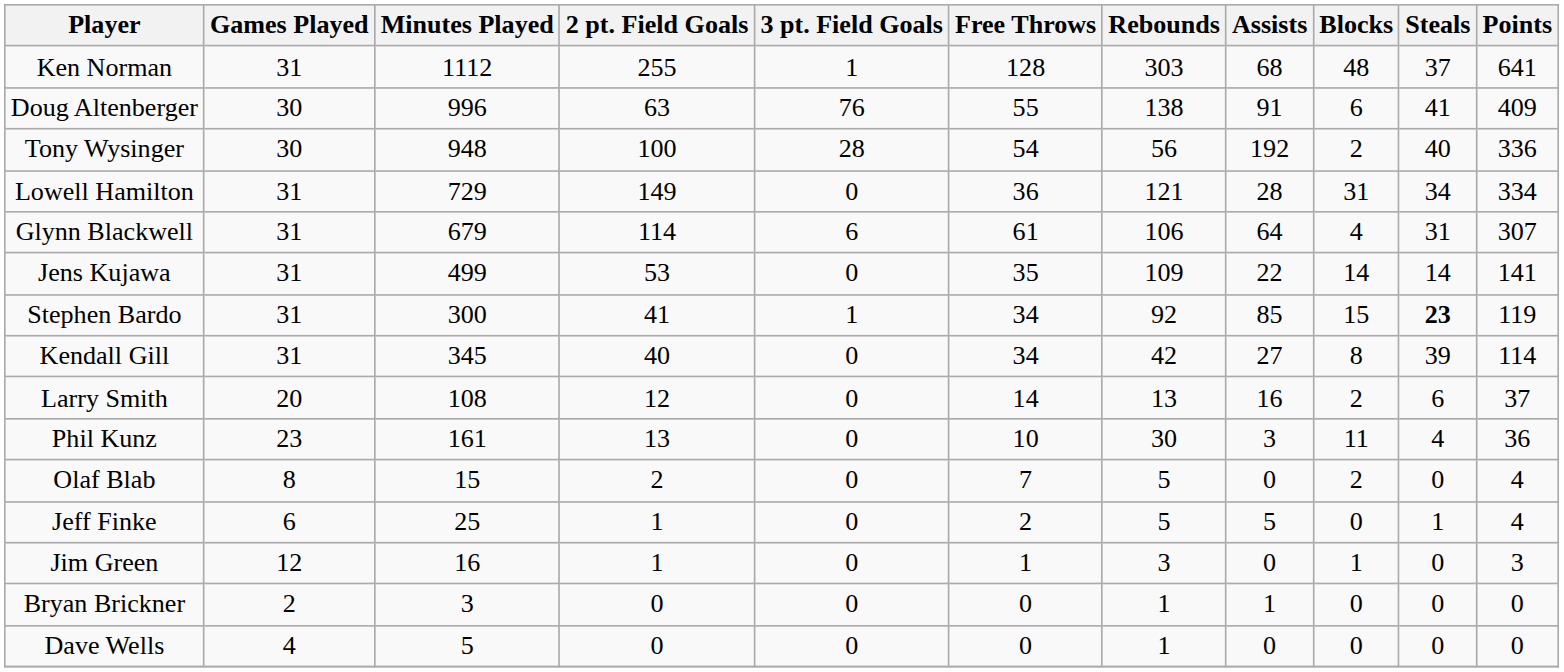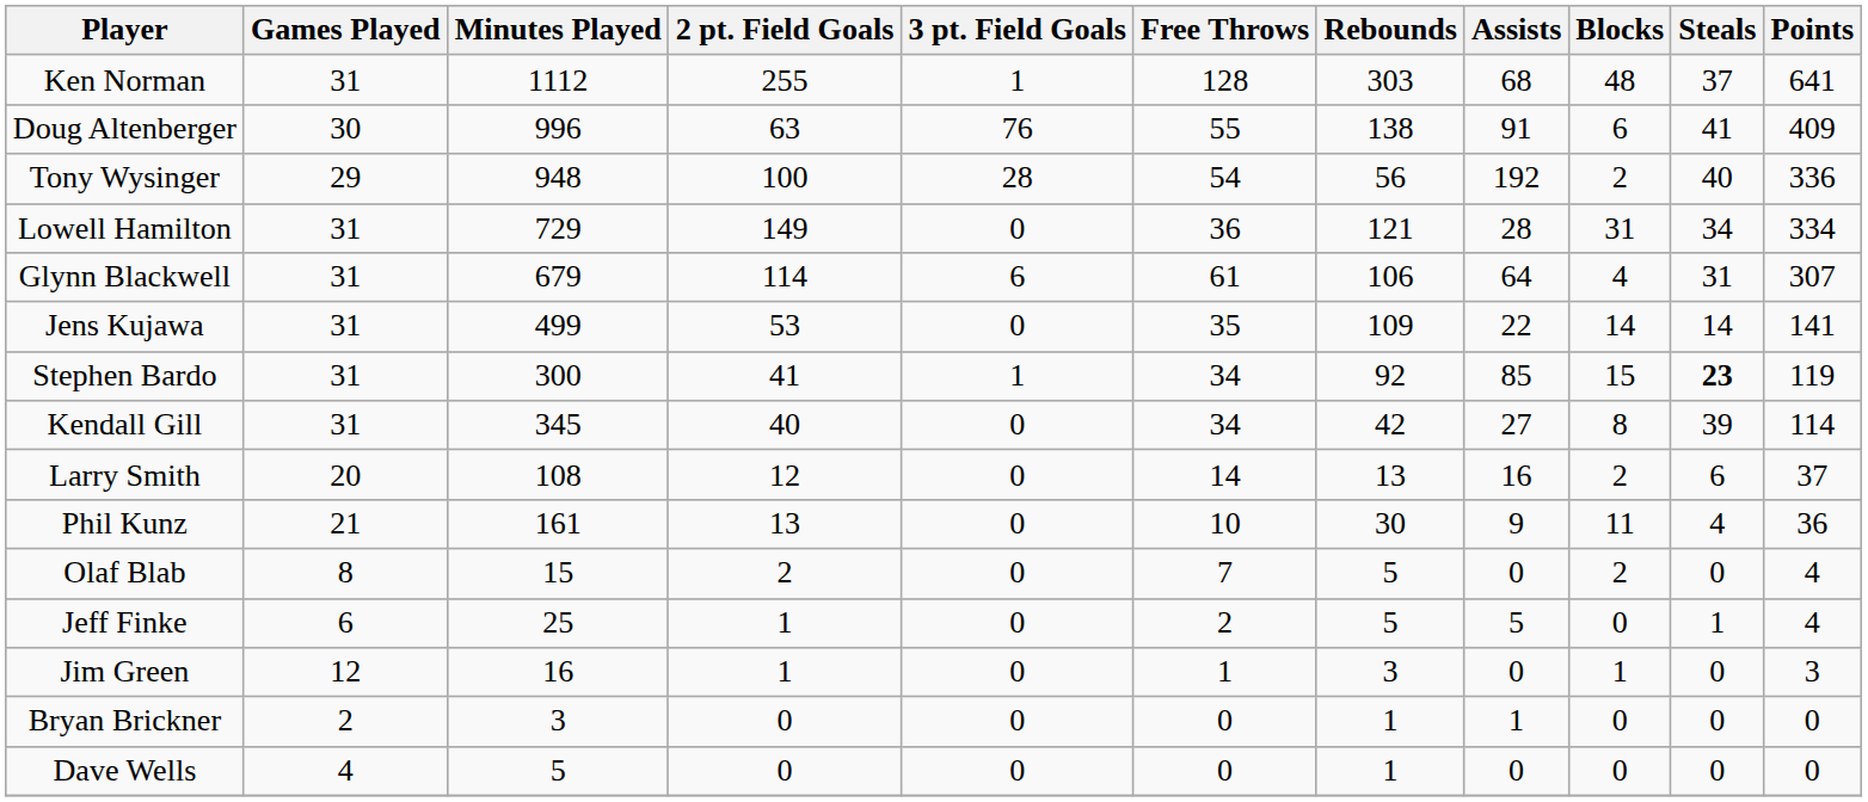 <table class="wikitable sortable" style="text-align:center">
 <tr>
 <th>Player</th>
 <th>Games Played</th>
 <th>Minutes Played</th>
 <th>2 pt. Field Goals</th>
 <th>3 pt. Field Goals</th>
 <th>Free Throws</th>
 <th>Rebounds</th>
 <th>Assists</th>
 <th>Blocks</th>
 <th>Steals</th>
 <th>Points</th>
 </tr>
 <tr align="center" bgcolor="">
 <td>Ken Norman</td>
 <td>31</td>
 <td>1112</td>
 <td>255</td>
 <td>1</td>
 <td>128</td>
 <td>303</td>
 <td>68</td>
 <td>48</td>
 <td>37</td>
 <td>641</td>
 </tr>
 <tr align="center" bgcolor="">
 <td>Doug Altenberger</td>
 <td>30</td>
 <td>996</td>
 <td>63</td>
 <td>76</td>
 <td>55</td>
 <td>138</td>
 <td>91</td>
 <td>6</td>
 <td>41</td>
 <td>409</td>
 </tr>
 <tr align="center" bgcolor="">
 <td>Tony Wysinger</td>
-<td>30</td>
+<td>29</td>
 <td>948</td>
 <td>100</td>
 <td>28</td>
 <td>54</td>
 <td>56</td>
 <td>192</td>
 <td>2</td>
 <td>40</td>
 <td>336</td>
 </tr>
 <tr align="center" bgcolor="">
 <td>Lowell Hamilton</td>
 <td>31</td>
 <td>729</td>
 <td>149</td>
 <td>0</td>
 <td>36</td>
 <td>121</td>
 <td>28</td>
 <td>31</td>
 <td>34</td>
 <td>334</td>
 </tr>
 <tr align="center" bgcolor="">
 <td>Glynn Blackwell</td>
 <td>31</td>
 <td>679</td>
 <td>114</td>
 <td>6</td>
 <td>61</td>
 <td>106</td>
 <td>64</td>
 <td>4</td>
 <td>31</td>
 <td>307</td>
 </tr>
 <tr align="center" bgcolor="">
 <td>Jens Kujawa</td>
 <td>31</td>
 <td>499</td>
 <td>53</td>
 <td>0</td>
 <td>35</td>
 <td>109</td>
 <td>22</td>
 <td>14</td>
 <td>14</td>
 <td>141</td>
 </tr>
 <tr align="center" bgcolor="">
 <td>Stephen Bardo</td>
 <td>31</td>
 <td>300</td>
 <td>41</td>
 <td>1</td>
 <td>34</td>
 <td>92</td>
 <td>85</td>
 <td>15</td>
 <td><strong>23</strong></td>
 <td>119</td>
 </tr>
 <tr align="center" bgcolor="">
 <td>Kendall Gill</td>
 <td>31</td>
 <td>345</td>
 <td>40</td>
 <td>0</td>
 <td>34</td>
 <td>42</td>
 <td>27</td>
 <td>8</td>
 <td>39</td>
 <td>114</td>
 </tr>
 <tr align="center" bgcolor="">
 <td>Larry Smith</td>
 <td>20</td>
 <td>108</td>
 <td>12</td>
 <td>0</td>
 <td>14</td>
 <td>13</td>
 <td>16</td>
 <td>2</td>
 <td>6</td>
 <td>37</td>
 </tr>
 <tr align="center" bgcolor="">
 <td>Phil Kunz</td>
-<td>23</td>
+<td>21</td>
 <td>161</td>
 <td>13</td>
 <td>0</td>
 <td>10</td>
 <td>30</td>
-<td>3</td>
+<td>9</td>
 <td>11</td>
 <td>4</td>
 <td>36</td>
 </tr>
 <tr align="center" bgcolor="">
 <td>Olaf Blab</td>
 <td>8</td>
 <td>15</td>
 <td>2</td>
 <td>0</td>
 <td>7</td>
 <td>5</td>
 <td>0</td>
 <td>2</td>
 <td>0</td>
 <td>4</td>
 </tr>
 <tr align="center" bgcolor="">
 <td>Jeff Finke</td>
 <td>6</td>
 <td>25</td>
 <td>1</td>
 <td>0</td>
 <td>2</td>
 <td>5</td>
 <td>5</td>
 <td>0</td>
 <td>1</td>
 <td>4</td>
 </tr>
 <tr align="center" bgcolor="">
 <td>Jim Green</td>
 <td>12</td>
 <td>16</td>
 <td>1</td>
 <td>0</td>
 <td>1</td>
 <td>3</td>
 <td>0</td>
 <td>1</td>
 <td>0</td>
 <td>3</td>
 </tr>
 <tr align="center" bgcolor="">
 <td>Bryan Brickner</td>
 <td>2</td>
 <td>3</td>
 <td>0</td>
 <td>0</td>
 <td>0</td>
 <td>1</td>
 <td>1</td>
 <td>0</td>
 <td>0</td>
 <td>0</td>
 </tr>
 <tr align="center" bgcolor="">
 <td>Dave Wells</td>
 <td>4</td>
 <td>5</td>
 <td>0</td>
 <td>0</td>
 <td>0</td>
 <td>1</td>
 <td>0</td>
 <td>0</td>
 <td>0</td>
 <td>0</td>
 </tr>
 <tr align="center" bgcolor="">
 </tr>
 </table>
